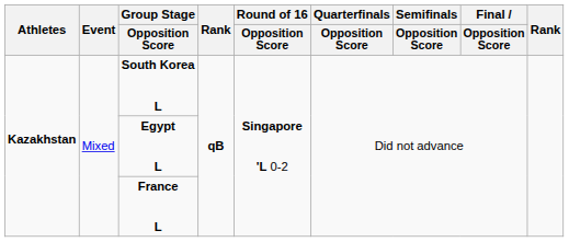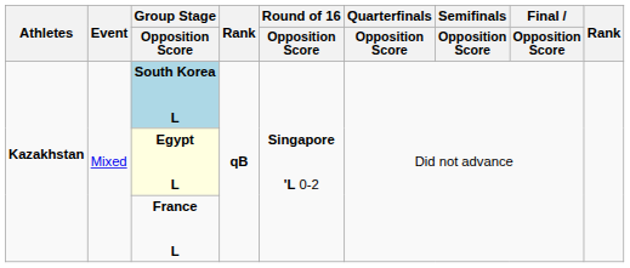 <table class=wikitable style="font-size:90%">
 <tr>
 <th rowspan="2">Athletes</th>
 <th rowspan="2">Event</th>
 <th>Group Stage</th>
 <th rowspan="2">Rank</th>
 <th>Round of 16</th>
 <th>Quarterfinals</th>
 <th>Semifinals</th>
 <th>Final / </th>
 <th rowspan=2>Rank</th>
 </tr>
 <tr style="font-size:95%">
 <th>Opposition<br>Score</th>
 <th>Opposition<br>Score</th>
 <th>Opposition<br>Score</th>
 <th>Opposition<br>Score</th>
 <th>Opposition<br>Score</th>
 </tr>
 <tr align=center>
 <td align=left rowspan=3><strong>Kazakhstan</strong><br><br></td>
 <td align=left rowspan=3><a href='#'>Mixed</a></td>
-<td><strong>South Korea</strong><br><br><br><strong>L</strong></td>
+<td style="background: lightblue;"><strong>South Korea</strong><br><br><br><strong>L</strong></td>
 <td rowspan=3><strong>qB</strong></td>
 <td rowspan=3><strong>Singapore</strong><br><br><br><strong>'L</strong> 0-2</td>
 <td rowspan=3 colspan=3>Did not advance</td>
 <td rowspan=3></td>
 </tr>
 <tr align=center>
-<td><strong>Egypt</strong><br><br><br><strong>L</strong></td>
+<td style="background: lightyellow;"><strong>Egypt</strong><br><br><br><strong>L</strong></td>
 </tr>
 <tr align=center>
 <td><strong>France</strong><br><br><br><strong>L</strong></td>
 </tr>
 </table>
